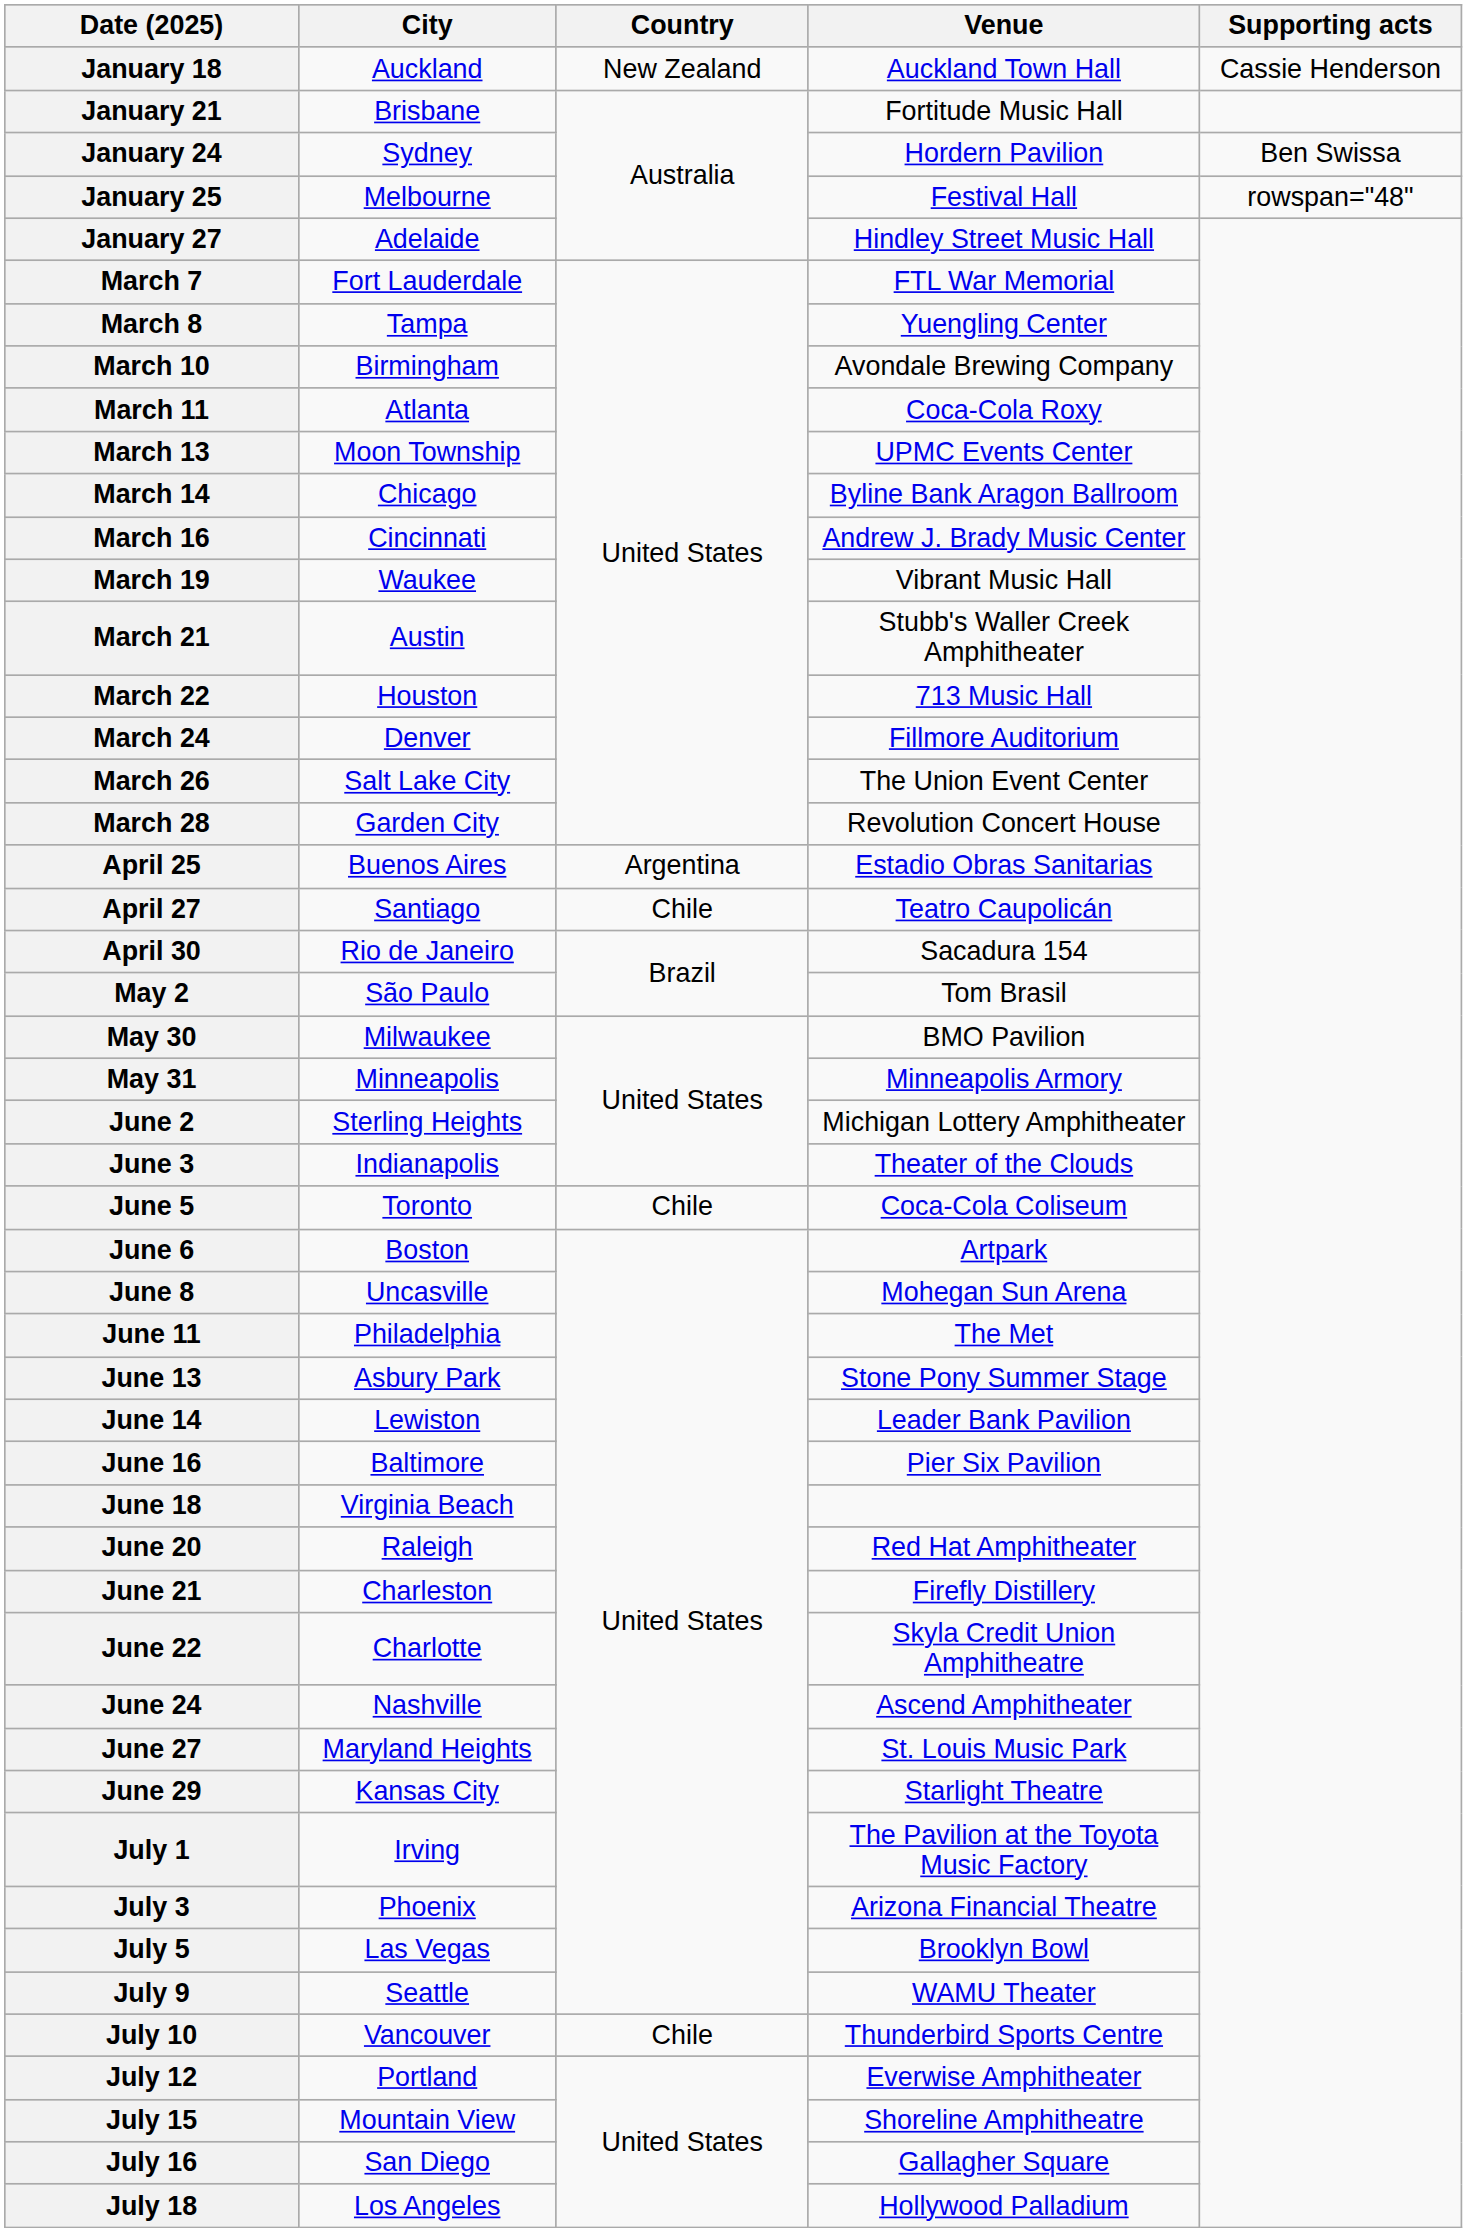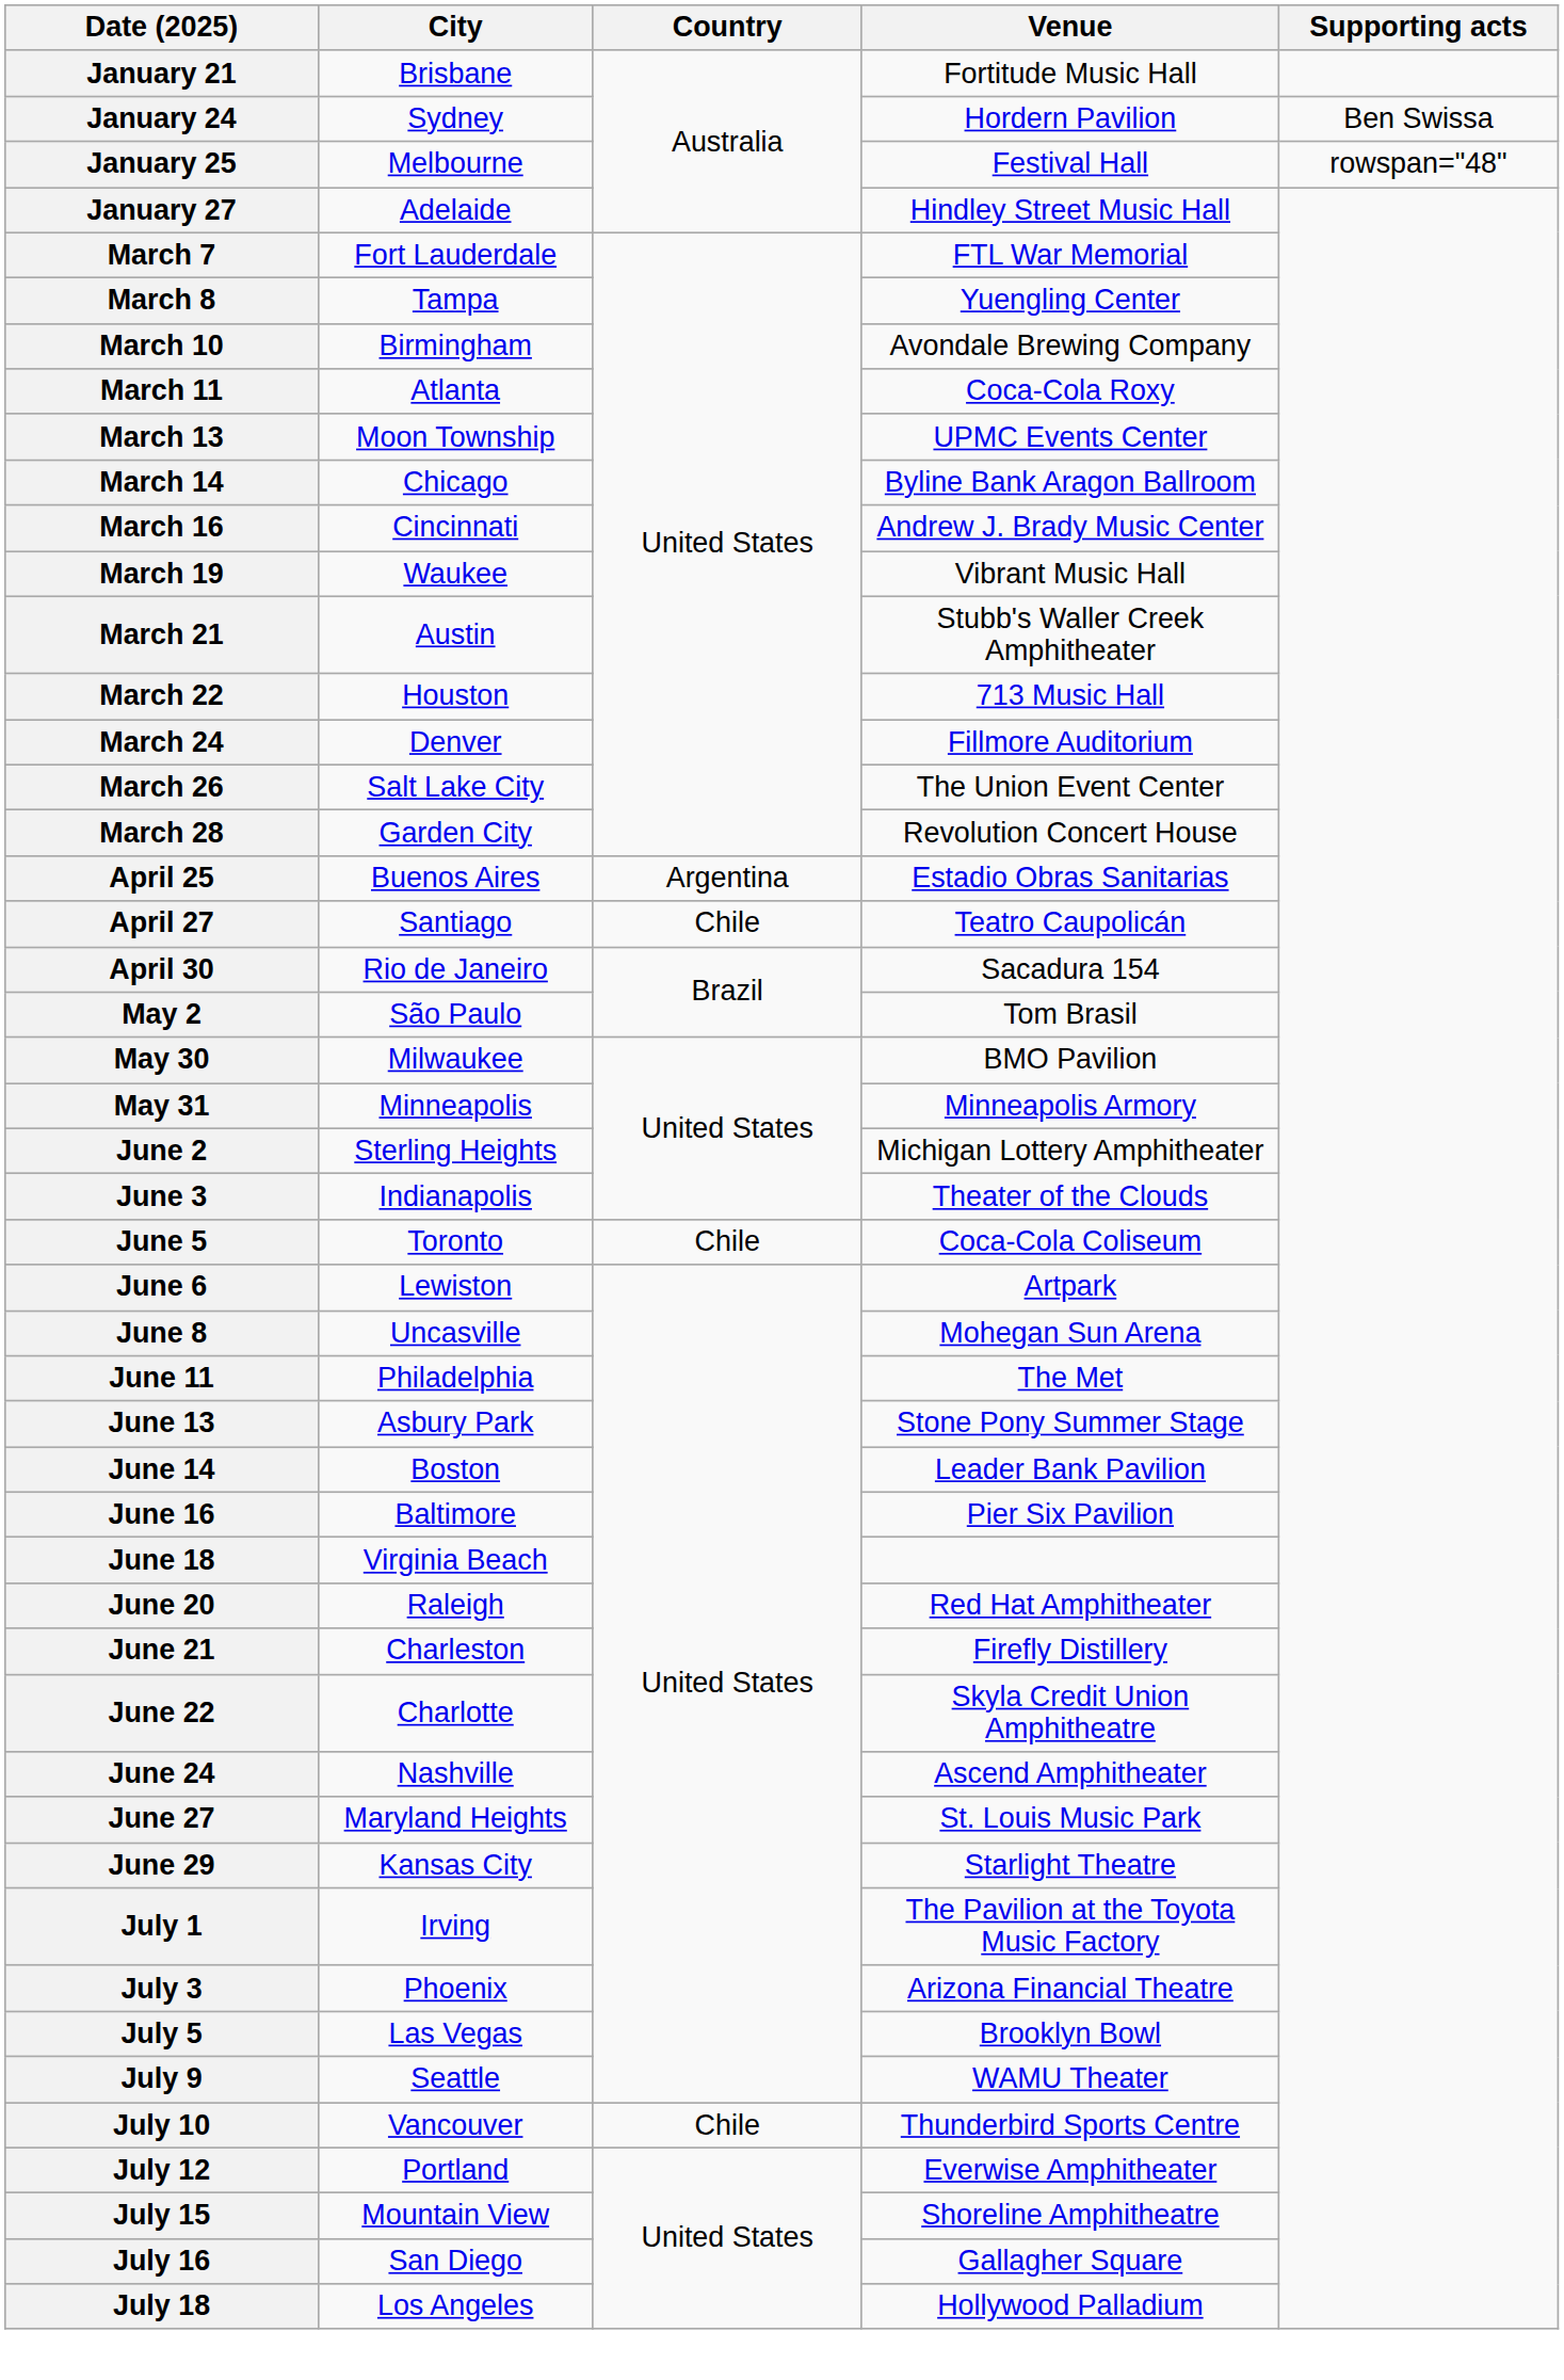 <table class="wikitable plainrowheaders" style="text-align:center;">
 <tr>
 <th scope="col" style="width:12em;">Date (2025)</th>
 <th scope="col" style="width:10em;">City</th>
 <th scope="col" style="width:10em;">Country</th>
 <th scope="col" style="width:16em;">Venue</th>
 <th scope="col" style="width:10em;">Supporting acts</th>
-</tr>
-<tr>
-<th scope="row" style="text-align:center;">January 18</th>
-<td><a href='#'>Auckland</a></td>
-<td>New Zealand</td>
-<td><a href='#'>Auckland Town Hall</a></td>
-<td>Cassie Henderson</td>
 </tr>
 <tr>
 <th scope="row" style="text-align:center;">January 21</th>
 <td><a href='#'>Brisbane</a></td>
 <td rowspan="4">Australia</td>
 <td>Fortitude Music Hall</td>
 <td></td>
 </tr>
 <tr>
 <th scope="row" style="text-align:center;">January 24</th>
 <td><a href='#'>Sydney</a></td>
 <td><a href='#'>Hordern Pavilion</a></td>
 <td>Ben Swissa</td>
 </tr>
 <tr>
 <th scope="row" style="text-align:center;">January 25</th>
 <td><a href='#'>Melbourne</a></td>
 <td><a href='#'>Festival Hall</a></td>
 <td>rowspan="48" </td>
 </tr>
 <tr>
 <th scope="row" style="text-align:center;">January 27</th>
 <td><a href='#'>Adelaide</a></td>
 <td><a href='#'>Hindley Street Music Hall</a></td>
 </tr>
 <tr>
 <th scope="row" style="text-align:center;">March 7</th>
 <td><a href='#'>Fort Lauderdale</a></td>
 <td rowspan="13">United States</td>
 <td><a href='#'>FTL War Memorial</a></td>
 </tr>
 <tr>
 <th scope="row" style="text-align:center;">March 8</th>
 <td><a href='#'>Tampa</a></td>
 <td><a href='#'>Yuengling Center</a></td>
 </tr>
 <tr>
 <th scope="row" style="text-align:center;">March 10</th>
 <td><a href='#'>Birmingham</a></td>
 <td>Avondale Brewing Company</td>
 </tr>
 <tr>
 <th scope="row" style="text-align:center;">March 11</th>
 <td><a href='#'>Atlanta</a></td>
 <td><a href='#'>Coca-Cola Roxy</a></td>
 </tr>
 <tr>
 <th scope="row" style="text-align:center;">March 13</th>
 <td><a href='#'>Moon Township</a></td>
 <td><a href='#'>UPMC Events Center</a></td>
 </tr>
 <tr>
 <th scope="row" style="text-align:center;">March 14</th>
 <td><a href='#'>Chicago</a></td>
 <td><a href='#'>Byline Bank Aragon Ballroom</a></td>
 </tr>
 <tr>
 <th scope="row" style="text-align:center;">March 16</th>
 <td><a href='#'>Cincinnati</a></td>
 <td><a href='#'>Andrew J. Brady Music Center</a></td>
 </tr>
 <tr>
 <th scope="row" style="text-align:center;">March 19</th>
 <td><a href='#'>Waukee</a></td>
 <td>Vibrant Music Hall</td>
 </tr>
 <tr>
 <th scope="row" style="text-align:center;">March 21</th>
 <td><a href='#'>Austin</a></td>
 <td>Stubb's Waller Creek Amphitheater</td>
 </tr>
 <tr>
 <th scope="row" style="text-align:center;">March 22</th>
 <td><a href='#'>Houston</a></td>
 <td><a href='#'>713 Music Hall</a></td>
 </tr>
 <tr>
 <th scope="row" style="text-align:center;">March 24</th>
 <td><a href='#'>Denver</a></td>
 <td><a href='#'>Fillmore Auditorium</a></td>
 </tr>
 <tr>
 <th scope="row" style="text-align:center;">March 26</th>
 <td><a href='#'>Salt Lake City</a></td>
 <td>The Union Event Center</td>
 </tr>
 <tr>
 <th scope="row" style="text-align:center;">March 28</th>
 <td><a href='#'>Garden City</a></td>
 <td>Revolution Concert House</td>
 </tr>
 <tr>
 <th scope="row" style="text-align:center;">April 25</th>
 <td><a href='#'>Buenos Aires</a></td>
 <td>Argentina</td>
 <td><a href='#'>Estadio Obras Sanitarias</a></td>
 </tr>
 <tr>
 <th scope="row" style="text-align:center;">April 27</th>
 <td><a href='#'>Santiago</a></td>
 <td>Chile</td>
 <td><a href='#'>Teatro Caupolicán</a></td>
 </tr>
 <tr>
 <th scope="row" style="text-align:center;">April 30</th>
 <td><a href='#'>Rio de Janeiro</a></td>
 <td rowspan="2">Brazil</td>
 <td>Sacadura 154</td>
 </tr>
 <tr>
 <th scope="row" style="text-align:center;">May 2</th>
 <td><a href='#'>São Paulo</a></td>
 <td>Tom Brasil</td>
 </tr>
 <tr>
 <th scope="row" style="text-align:center;">May 30</th>
 <td><a href='#'>Milwaukee</a></td>
 <td rowspan="4">United States</td>
 <td>BMO Pavilion</td>
 </tr>
 <tr>
 <th scope="row" style="text-align:center;">May 31</th>
 <td><a href='#'>Minneapolis</a></td>
 <td><a href='#'>Minneapolis Armory</a></td>
 </tr>
 <tr>
 <th scope="row" style="text-align:center;">June 2</th>
 <td><a href='#'>Sterling Heights</a></td>
 <td>Michigan Lottery Amphitheater</td>
 </tr>
 <tr>
 <th scope="row" style="text-align:center;">June 3</th>
 <td><a href='#'>Indianapolis</a></td>
 <td><a href='#'>Theater of the Clouds</a></td>
 </tr>
 <tr>
 <th scope="row" style="text-align:center;">June 5</th>
 <td><a href='#'>Toronto</a></td>
 <td>Chile</td>
 <td><a href='#'>Coca-Cola Coliseum</a></td>
 </tr>
 <tr>
 <th scope="row" style="text-align:center;">June 6</th>
-<td><a href='#'>Boston</a></td>
+<td><a href='#'>Lewiston</a></td>
 <td rowspan="17">United States</td>
 <td><a href='#'>Artpark</a></td>
 </tr>
 <tr>
 <th scope="row" style="text-align:center;">June 8</th>
 <td><a href='#'>Uncasville</a></td>
 <td><a href='#'>Mohegan Sun Arena</a></td>
 </tr>
 <tr>
 <th scope="row" style="text-align:center;">June 11</th>
 <td><a href='#'>Philadelphia</a></td>
 <td><a href='#'>The Met</a></td>
 </tr>
 <tr>
 <th scope="row" style="text-align:center;">June 13</th>
 <td><a href='#'>Asbury Park</a></td>
 <td><a href='#'>Stone Pony Summer Stage</a></td>
 </tr>
 <tr>
 <th scope="row" style="text-align:center;">June 14</th>
-<td><a href='#'>Lewiston</a></td>
+<td><a href='#'>Boston</a></td>
 <td><a href='#'>Leader Bank Pavilion</a></td>
 </tr>
 <tr>
 <th scope="row" style="text-align:center;">June 16</th>
 <td><a href='#'>Baltimore</a></td>
 <td><a href='#'>Pier Six Pavilion</a></td>
 </tr>
 <tr>
 <th scope="row" style="text-align:center;">June 18</th>
 <td><a href='#'>Virginia Beach</a></td>
 <td></td>
 </tr>
 <tr>
 <th scope="row" style="text-align:center;">June 20</th>
 <td><a href='#'>Raleigh</a></td>
 <td><a href='#'>Red Hat Amphitheater</a></td>
 </tr>
 <tr>
 <th scope="row" style="text-align:center;">June 21</th>
 <td><a href='#'>Charleston</a></td>
 <td><a href='#'>Firefly Distillery</a></td>
 </tr>
 <tr>
 <th scope="row" style="text-align:center;">June 22</th>
 <td><a href='#'>Charlotte</a></td>
 <td><a href='#'>Skyla Credit Union Amphitheatre</a></td>
 </tr>
 <tr>
 <th scope="row" style="text-align:center;">June 24</th>
 <td><a href='#'>Nashville</a></td>
 <td><a href='#'>Ascend Amphitheater</a></td>
 </tr>
 <tr>
 <th scope="row" style="text-align:center;">June 27</th>
 <td><a href='#'>Maryland Heights</a></td>
 <td><a href='#'> St. Louis Music Park</a></td>
 </tr>
 <tr>
 <th scope="row" style="text-align:center;">June 29</th>
 <td><a href='#'>Kansas City</a></td>
 <td><a href='#'>Starlight Theatre</a></td>
 </tr>
 <tr>
 <th scope="row" style="text-align:center;">July 1</th>
 <td><a href='#'>Irving</a></td>
 <td><a href='#'>The Pavilion at the Toyota Music Factory</a></td>
 </tr>
 <tr>
 <th scope="row" style="text-align:center;">July 3</th>
 <td><a href='#'>Phoenix</a></td>
 <td><a href='#'>Arizona Financial Theatre</a></td>
 </tr>
 <tr>
 <th scope="row" style="text-align:center;">July 5</th>
 <td><a href='#'>Las Vegas</a></td>
 <td><a href='#'>Brooklyn Bowl</a></td>
 </tr>
 <tr>
 <th scope="row" style="text-align:center;">July 9</th>
 <td><a href='#'>Seattle</a></td>
 <td><a href='#'>WAMU Theater</a></td>
 </tr>
 <tr>
 <th scope="row" style="text-align:center;">July 10</th>
 <td><a href='#'>Vancouver</a></td>
 <td>Chile</td>
 <td><a href='#'>Thunderbird Sports Centre</a></td>
 </tr>
 <tr>
 <th scope="row" style="text-align:center;">July 12</th>
 <td><a href='#'>Portland</a></td>
 <td rowspan="4">United States</td>
 <td><a href='#'>Everwise Amphitheater</a></td>
 </tr>
 <tr>
 <th scope="row" style="text-align:center;">July 15</th>
 <td><a href='#'>Mountain View</a></td>
 <td><a href='#'>Shoreline Amphitheatre</a></td>
 </tr>
 <tr>
 <th scope="row" style="text-align:center;">July 16</th>
 <td><a href='#'>San Diego</a></td>
 <td><a href='#'>Gallagher Square</a></td>
 </tr>
 <tr>
 <th scope="row" style="text-align:center;">July 18</th>
 <td><a href='#'>Los Angeles</a></td>
 <td><a href='#'>Hollywood Palladium</a></td>
 </tr>
 </table>
